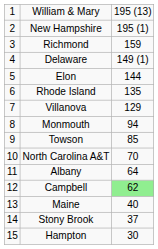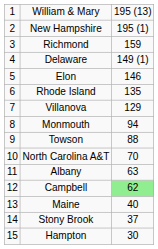 <table class="wikitable" style="display: inline-table;">
 <tr align="center">
 <td>1</td>
 <td>William & Mary</td>
 <td>195 (13)</td>
 </tr>
 <tr align="center">
 <td>2</td>
 <td>New Hampshire</td>
 <td>195 (1)</td>
 </tr>
 <tr align="center">
 <td>3</td>
 <td>Richmond</td>
 <td>159</td>
 </tr>
 <tr align="center">
 <td>4</td>
 <td>Delaware</td>
 <td>149 (1)</td>
 </tr>
 <tr align="center">
 <td>5</td>
 <td>Elon</td>
-<td>144</td>
+<td>146</td>
 </tr>
 <tr align="center">
 <td>6</td>
 <td>Rhode Island</td>
 <td>135</td>
 </tr>
 <tr align="center">
 <td>7</td>
 <td>Villanova</td>
 <td>129</td>
 </tr>
 <tr align="center">
 <td>8</td>
 <td>Monmouth</td>
 <td>94</td>
 </tr>
 <tr align="center">
 <td>9</td>
 <td>Towson</td>
-<td>85</td>
+<td>88</td>
 </tr>
 <tr align="center">
 <td>10</td>
 <td>North Carolina A&T</td>
 <td>70</td>
 </tr>
 <tr align="center">
 <td>11</td>
 <td>Albany</td>
-<td>64</td>
+<td>63</td>
 </tr>
 <tr align="center">
 <td>12</td>
 <td>Campbell</td>
 <td style="background: lightgreen;">62</td>
 </tr>
 <tr align="center">
 <td>13</td>
 <td>Maine</td>
 <td>40</td>
 </tr>
 <tr align="center">
 <td>14</td>
 <td>Stony Brook</td>
 <td>37</td>
 </tr>
 <tr align="center">
 <td>15</td>
 <td>Hampton</td>
 <td>30</td>
 </tr>
 </table>
